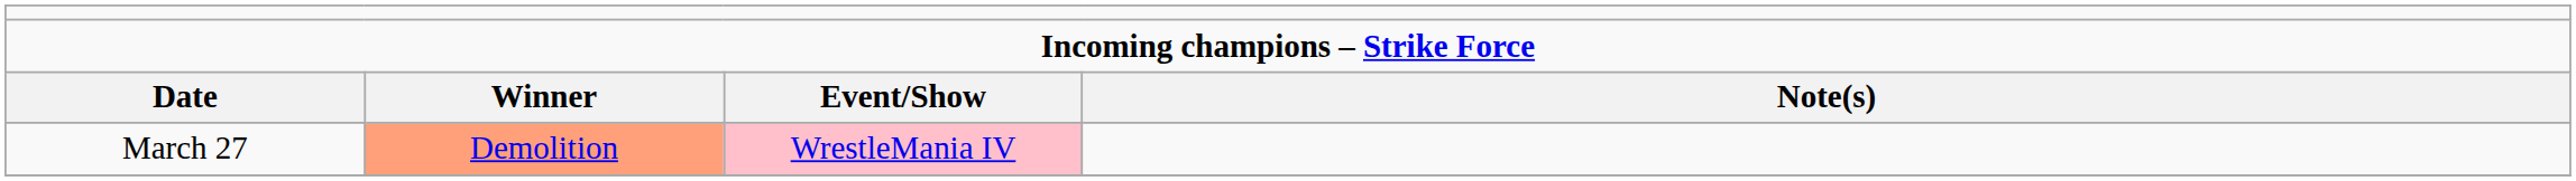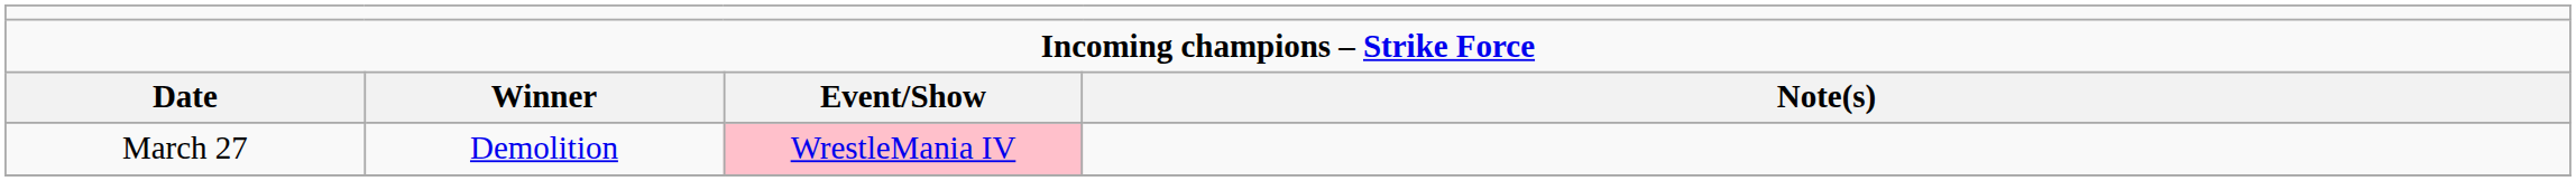 <table class="wikitable" style="text-align:center; width:100%;">
 <tr>
 <td colspan="5"></td>
 </tr>
 <tr>
 <td colspan="5"><strong>Incoming champions – <a href='#'>Strike Force</a> </strong></td>
 </tr>
 <tr>
 <th width=14%>Date</th>
 <th width=14%>Winner</th>
 <th width=14%>Event/Show</th>
 <th width=58%>Note(s)</th>
 </tr>
 <tr>
 <td>March 27</td>
-<td style="background: lightsalmon;"><a href='#'>Demolition</a><br></td>
+<td><a href='#'>Demolition</a><br></td>
 <td style="background: pink;"><a href='#'>WrestleMania IV</a></td>
 <td align=left></td>
 </tr>
 <tr>
 </tr>
 </table>
